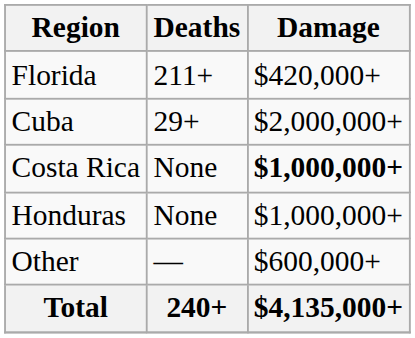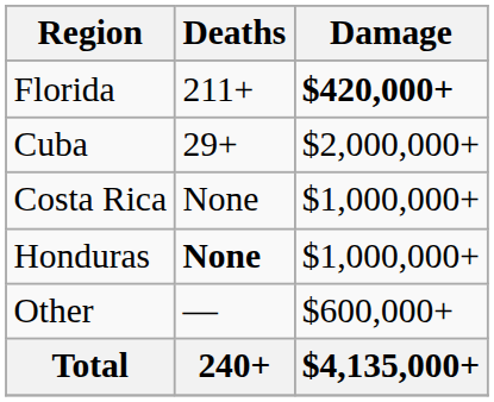 <table class="wikitable" style="float:right;margin:0 0 0.5em 1em">
 <tr>
 <th>Region</th>
 <th>Deaths</th>
 <th>Damage</th>
 </tr>
 <tr>
 <td>Florida</td>
 <td>211+</td>
-<td>$420,000+</td>
+<td><strong>$420,000+</strong></td>
 </tr>
 <tr>
 <td>Cuba</td>
 <td>29+</td>
 <td>$2,000,000+</td>
 </tr>
 <tr>
 <td>Costa Rica</td>
 <td>None</td>
-<td><strong>$1,000,000+</strong></td>
+<td>$1,000,000+</td>
 </tr>
 <tr>
 <td>Honduras</td>
-<td>None</td>
+<td><strong>None</strong></td>
 <td>$1,000,000+</td>
 </tr>
 <tr>
 <td>Other</td>
 <td>—</td>
 <td>$600,000+</td>
 </tr>
 <tr>
 <th>Total</th>
 <th>240+</th>
 <th>$4,135,000+</th>
 </tr>
 <tr>
 </tr>
 </table>
